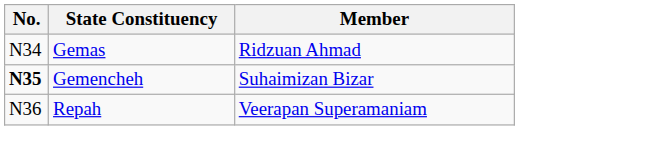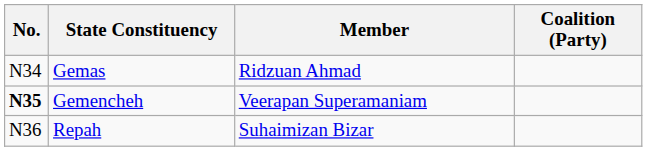 <table class="wikitable">
 <tr>
 <th width="30">No.</th>
 <th width="150">State Constituency</th>
 <th width="230">Member</th>
+<th width="100">Coalition (Party)</th>
 </tr>
 <tr>
 <td>N34</td>
 <td><a href='#'>Gemas</a></td>
 <td><a href='#'>Ridzuan Ahmad</a></td>
+<td></td>
 </tr>
 <tr>
 <td><strong>N35</strong></td>
 <td><a href='#'>Gemencheh</a></td>
-<td><a href='#'>Suhaimizan Bizar</a></td>
+<td><a href='#'>Veerapan Superamaniam</a></td>
+<td></td>
 </tr>
 <tr>
 <td>N36</td>
 <td><a href='#'>Repah</a></td>
-<td><a href='#'>Veerapan Superamaniam</a></td>
+<td><a href='#'>Suhaimizan Bizar</a></td>
+<td></td>
 </tr>
 </table>
